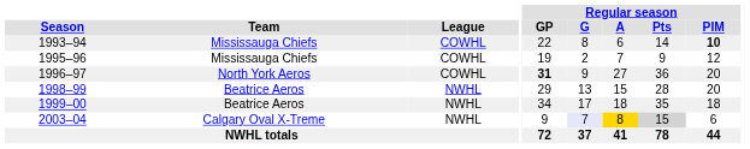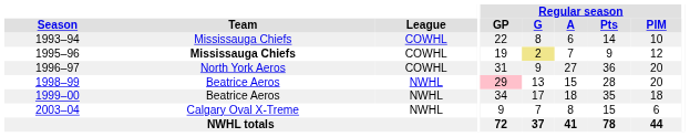 <table border="0" cellpadding="1" cellspacing="0" style="text-align:center; width:60em">
 <tr bgcolor="#e0e0e0">
 <th colspan="3" bgcolor="#ffffff"></th>
 <th rowspan="101" bgcolor="#ffffff"></th>
 <th colspan="5"><a href='#'>Regular season</a></th>
 <th rowspan="101" bgcolor="#ffffff"></th>
 </tr>
 <tr bgcolor="#e0e0e0">
 <th><a href='#'>Season</a></th>
 <th>Team</th>
 <th>League</th>
 <th>GP</th>
 <th><a href='#'>G</a></th>
 <th><a href='#'>A</a></th>
 <th><a href='#'>Pts</a></th>
 <th><a href='#'>PIM</a></th>
 </tr>
 <tr style="background:#f0f0f0;">
 <td>1993–94</td>
 <td><a href='#'>Mississauga Chiefs</a></td>
 <td><a href='#'>COWHL</a></td>
 <td>22</td>
 <td>8</td>
 <td>6</td>
 <td>14</td>
-<td><strong>10</strong></td>
+<td>10</td>
 </tr>
 <tr>
 <td>1995–96</td>
-<td>Mississauga Chiefs</td>
+<td><strong>Mississauga Chiefs</strong></td>
 <td>COWHL</td>
 <td>19</td>
-<td>2</td>
+<td style="background: khaki;">2</td>
 <td>7</td>
 <td>9</td>
 <td>12</td>
 </tr>
 <tr style="background:#f0f0f0;">
 <td>1996–97</td>
 <td><a href='#'>North York Aeros</a></td>
 <td>COWHL</td>
-<td><strong>31</strong></td>
+<td>31</td>
 <td>9</td>
 <td>27</td>
 <td>36</td>
 <td>20</td>
 </tr>
 <tr>
 <td><a href='#'>1998–99</a></td>
 <td><a href='#'>Beatrice Aeros</a></td>
 <td><a href='#'>NWHL</a></td>
-<td>29</td>
+<td style="background: pink;">29</td>
 <td>13</td>
 <td>15</td>
 <td>28</td>
 <td>20</td>
 </tr>
 <tr bgcolor="#f0f0f0">
 <td><a href='#'>1999–00</a></td>
 <td>Beatrice Aeros</td>
 <td>NWHL</td>
 <td>34</td>
 <td>17</td>
 <td>18</td>
 <td>35</td>
 <td>18</td>
 </tr>
 <tr>
 <td><a href='#'>2003–04</a></td>
 <td><a href='#'>Calgary Oval X-Treme</a></td>
 <td>NWHL</td>
 <td>9</td>
-<td style="background: lavender;">7</td>
-<td style="background: gold;">8</td>
-<td style="background: lightgrey;">15</td>
+<td>7</td>
+<td>8</td>
+<td>15</td>
 <td>6</td>
 </tr>
 <tr bgcolor="#f0f0f0">
 <th colspan="3">NWHL totals</th>
 <th>72</th>
 <th>37</th>
 <th>41</th>
 <th>78</th>
 <th>44</th>
 </tr>
 </table>
